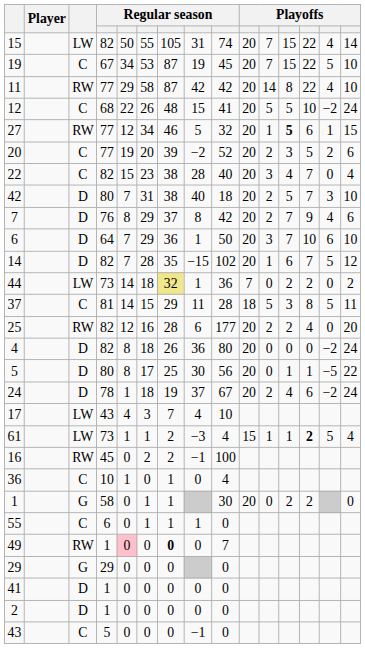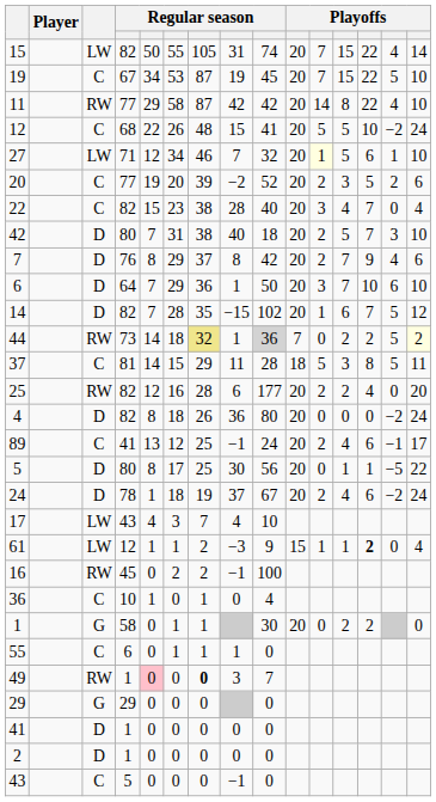 <table class="wikitable sortable plainrowheaders" style="text-align:center;">
 <tr>
 <th scope="col" data-sort-type="number" rowspan="2"></th>
 <th scope="col" rowspan="2">Player</th>
 <th scope="col" rowspan="2"></th>
 <th scope=colgroup colspan=6>Regular season</th>
 <th scope=colgroup colspan=6>Playoffs</th>
 </tr>
 <tr>
 <th scope="col" data-sort-type="number"></th>
 <th scope="col" data-sort-type="number"></th>
 <th scope="col" data-sort-type="number"></th>
 <th scope="col" data-sort-type="number"></th>
 <th scope="col" data-sort-type="number"></th>
 <th scope="col" data-sort-type="number"></th>
 <th scope="col" data-sort-type="number"></th>
 <th scope="col" data-sort-type="number"></th>
 <th scope="col" data-sort-type="number"></th>
 <th scope="col" data-sort-type="number"></th>
 <th scope="col" data-sort-type="number"></th>
 <th scope="col" data-sort-type="number"></th>
 </tr>
 <tr>
 <td scope="row">15</td>
 <td align="left"></td>
 <td>LW</td>
 <td>82</td>
 <td>50</td>
 <td>55</td>
 <td>105</td>
 <td>31</td>
 <td>74</td>
 <td>20</td>
 <td>7</td>
 <td>15</td>
 <td>22</td>
 <td>4</td>
 <td>14</td>
 </tr>
 <tr>
 <td scope="row">19</td>
 <td align="left"></td>
 <td>C</td>
 <td>67</td>
 <td>34</td>
 <td>53</td>
 <td>87</td>
 <td>19</td>
 <td>45</td>
 <td>20</td>
 <td>7</td>
 <td>15</td>
 <td>22</td>
 <td>5</td>
 <td>10</td>
 </tr>
 <tr>
 <td scope="row">11</td>
 <td align="left"></td>
 <td>RW</td>
 <td>77</td>
 <td>29</td>
 <td>58</td>
 <td>87</td>
 <td>42</td>
 <td>42</td>
 <td>20</td>
 <td>14</td>
 <td>8</td>
 <td>22</td>
 <td>4</td>
 <td>10</td>
 </tr>
 <tr>
 <td scope="row">12</td>
 <td align="left"></td>
 <td>C</td>
 <td>68</td>
 <td>22</td>
 <td>26</td>
 <td>48</td>
 <td>15</td>
 <td>41</td>
 <td>20</td>
 <td>5</td>
 <td>5</td>
 <td>10</td>
 <td>−2</td>
 <td>24</td>
 </tr>
 <tr>
 <td scope="row">27</td>
 <td align="left"></td>
-<td>RW</td>
-<td>77</td>
+<td>LW</td>
+<td>71</td>
 <td>12</td>
 <td>34</td>
 <td>46</td>
-<td>5</td>
+<td>7</td>
 <td>32</td>
 <td>20</td>
-<td>1</td>
-<td><strong>5</strong></td>
+<td style="background: lightyellow;">1</td>
+<td>5</td>
 <td>6</td>
 <td>1</td>
-<td>15</td>
+<td>10</td>
 </tr>
 <tr>
 <td scope="row">20</td>
 <td align="left"></td>
 <td>C</td>
 <td>77</td>
 <td>19</td>
 <td>20</td>
 <td>39</td>
 <td>−2</td>
 <td>52</td>
 <td>20</td>
 <td>2</td>
 <td>3</td>
 <td>5</td>
 <td>2</td>
 <td>6</td>
 </tr>
 <tr>
 <td scope="row">22</td>
 <td align="left"></td>
 <td>C</td>
 <td>82</td>
 <td>15</td>
 <td>23</td>
 <td>38</td>
 <td>28</td>
 <td>40</td>
 <td>20</td>
 <td>3</td>
 <td>4</td>
 <td>7</td>
 <td>0</td>
 <td>4</td>
 </tr>
 <tr>
 <td scope="row">42</td>
 <td align="left"></td>
 <td>D</td>
 <td>80</td>
 <td>7</td>
 <td>31</td>
 <td>38</td>
 <td>40</td>
 <td>18</td>
 <td>20</td>
 <td>2</td>
 <td>5</td>
 <td>7</td>
 <td>3</td>
 <td>10</td>
 </tr>
 <tr>
 <td scope="row">7</td>
 <td align="left"></td>
 <td>D</td>
 <td>76</td>
 <td>8</td>
 <td>29</td>
 <td>37</td>
 <td>8</td>
 <td>42</td>
 <td>20</td>
 <td>2</td>
 <td>7</td>
 <td>9</td>
 <td>4</td>
 <td>6</td>
 </tr>
 <tr>
 <td scope="row">6</td>
 <td align="left"></td>
 <td>D</td>
 <td>64</td>
 <td>7</td>
 <td>29</td>
 <td>36</td>
 <td>1</td>
 <td>50</td>
 <td>20</td>
 <td>3</td>
 <td>7</td>
 <td>10</td>
 <td>6</td>
 <td>10</td>
 </tr>
 <tr>
 <td scope="row">14</td>
 <td align="left"></td>
 <td>D</td>
 <td>82</td>
 <td>7</td>
 <td>28</td>
 <td>35</td>
 <td>−15</td>
 <td>102</td>
 <td>20</td>
 <td>1</td>
 <td>6</td>
 <td>7</td>
 <td>5</td>
 <td>12</td>
 </tr>
 <tr>
 <td scope="row">44</td>
 <td align="left"></td>
-<td>LW</td>
+<td>RW</td>
 <td>73</td>
 <td>14</td>
 <td>18</td>
 <td style="background: khaki;">32</td>
 <td>1</td>
-<td>36</td>
+<td style="background: lightgrey;">36</td>
 <td>7</td>
 <td>0</td>
 <td>2</td>
 <td>2</td>
-<td>0</td>
-<td>2</td>
+<td>5</td>
+<td style="background: lightyellow;">2</td>
 </tr>
 <tr>
 <td scope="row">37</td>
 <td align="left"></td>
 <td>C</td>
 <td>81</td>
 <td>14</td>
 <td>15</td>
 <td>29</td>
 <td>11</td>
 <td>28</td>
 <td>18</td>
 <td>5</td>
 <td>3</td>
 <td>8</td>
 <td>5</td>
 <td>11</td>
 </tr>
 <tr>
 <td scope="row">25</td>
 <td align="left"></td>
 <td>RW</td>
 <td>82</td>
 <td>12</td>
 <td>16</td>
 <td>28</td>
 <td>6</td>
 <td>177</td>
 <td>20</td>
 <td>2</td>
 <td>2</td>
 <td>4</td>
 <td>0</td>
 <td>20</td>
 </tr>
 <tr>
 <td scope="row">4</td>
 <td align="left"></td>
 <td>D</td>
 <td>82</td>
 <td>8</td>
 <td>18</td>
 <td>26</td>
 <td>36</td>
 <td>80</td>
 <td>20</td>
 <td>0</td>
 <td>0</td>
 <td>0</td>
 <td>−2</td>
 <td>24</td>
+</tr>
+<tr>
+<td scope="row">89</td>
+<td align="left"></td>
+<td>C</td>
+<td>41</td>
+<td>13</td>
+<td>12</td>
+<td>25</td>
+<td>−1</td>
+<td>24</td>
+<td>20</td>
+<td>2</td>
+<td>4</td>
+<td>6</td>
+<td>−1</td>
+<td>17</td>
 </tr>
 <tr>
 <td scope="row">5</td>
 <td align="left"></td>
 <td>D</td>
 <td>80</td>
 <td>8</td>
 <td>17</td>
 <td>25</td>
 <td>30</td>
 <td>56</td>
 <td>20</td>
 <td>0</td>
 <td>1</td>
 <td>1</td>
 <td>−5</td>
 <td>22</td>
 </tr>
 <tr>
 <td scope="row">24</td>
 <td align="left"></td>
 <td>D</td>
 <td>78</td>
 <td>1</td>
 <td>18</td>
 <td>19</td>
 <td>37</td>
 <td>67</td>
 <td>20</td>
 <td>2</td>
 <td>4</td>
 <td>6</td>
 <td>−2</td>
 <td>24</td>
 </tr>
 <tr>
 <td scope="row">17</td>
 <td align="left"></td>
 <td>LW</td>
 <td>43</td>
 <td>4</td>
 <td>3</td>
 <td>7</td>
 <td>4</td>
 <td>10</td>
 <td></td>
 <td></td>
 <td></td>
 <td></td>
 <td></td>
 <td></td>
 </tr>
 <tr>
 <td scope="row">61</td>
 <td align="left"></td>
 <td>LW</td>
-<td>73</td>
+<td>12</td>
 <td>1</td>
 <td>1</td>
 <td>2</td>
 <td>−3</td>
-<td>4</td>
+<td>9</td>
 <td>15</td>
 <td>1</td>
 <td>1</td>
 <td><strong>2</strong></td>
-<td>5</td>
+<td>0</td>
 <td>4</td>
 </tr>
 <tr>
 <td scope="row">16</td>
 <td align="left"></td>
 <td>RW</td>
 <td>45</td>
 <td>0</td>
 <td>2</td>
 <td>2</td>
 <td>−1</td>
 <td>100</td>
 <td></td>
 <td></td>
 <td></td>
 <td></td>
 <td></td>
 <td></td>
 </tr>
 <tr>
 <td scope="row">36</td>
 <td align="left"></td>
 <td>C</td>
 <td>10</td>
 <td>1</td>
 <td>0</td>
 <td>1</td>
 <td>0</td>
 <td>4</td>
 <td></td>
 <td></td>
 <td></td>
 <td></td>
 <td></td>
 <td></td>
 </tr>
 <tr>
 <td scope="row">1</td>
 <td align="left"></td>
 <td>G</td>
 <td>58</td>
 <td>0</td>
 <td>1</td>
 <td>1</td>
 <td style="background:#ccc"></td>
 <td>30</td>
 <td>20</td>
 <td>0</td>
 <td>2</td>
 <td>2</td>
 <td style="background:#ccc"></td>
 <td>0</td>
 </tr>
 <tr>
 <td scope="row">55</td>
 <td align="left"></td>
 <td>C</td>
 <td>6</td>
 <td>0</td>
 <td>1</td>
 <td>1</td>
 <td>1</td>
 <td>0</td>
 <td></td>
 <td></td>
 <td></td>
 <td></td>
 <td></td>
 <td></td>
 </tr>
 <tr>
 <td scope="row">49</td>
 <td align="left"></td>
 <td>RW</td>
 <td>1</td>
 <td style="background: pink;">0</td>
 <td>0</td>
 <td><strong>0</strong></td>
-<td>0</td>
+<td>3</td>
 <td>7</td>
 <td></td>
 <td></td>
 <td></td>
 <td></td>
 <td></td>
 <td></td>
 </tr>
 <tr>
 <td scope="row">29</td>
 <td align="left"></td>
 <td>G</td>
 <td>29</td>
 <td>0</td>
 <td>0</td>
 <td>0</td>
 <td style="background:#ccc"></td>
 <td>0</td>
 <td></td>
 <td></td>
 <td></td>
 <td></td>
 <td></td>
 <td></td>
 </tr>
 <tr>
 <td scope="row">41</td>
 <td align="left"></td>
 <td>D</td>
 <td>1</td>
 <td>0</td>
 <td>0</td>
 <td>0</td>
 <td>0</td>
 <td>0</td>
 <td></td>
 <td></td>
 <td></td>
 <td></td>
 <td></td>
 <td></td>
 </tr>
 <tr>
 <td scope="row">2</td>
 <td align="left"></td>
 <td>D</td>
 <td>1</td>
 <td>0</td>
 <td>0</td>
 <td>0</td>
 <td>0</td>
 <td>0</td>
 <td></td>
 <td></td>
 <td></td>
 <td></td>
 <td></td>
 <td></td>
 </tr>
 <tr>
 <td scope="row">43</td>
 <td align="left"></td>
 <td>C</td>
 <td>5</td>
 <td>0</td>
 <td>0</td>
 <td>0</td>
 <td>−1</td>
 <td>0</td>
 <td></td>
 <td></td>
 <td></td>
 <td></td>
 <td></td>
 <td></td>
 </tr>
 </table>
